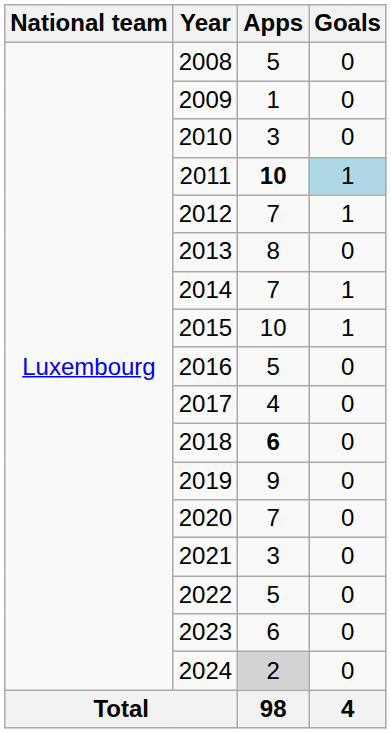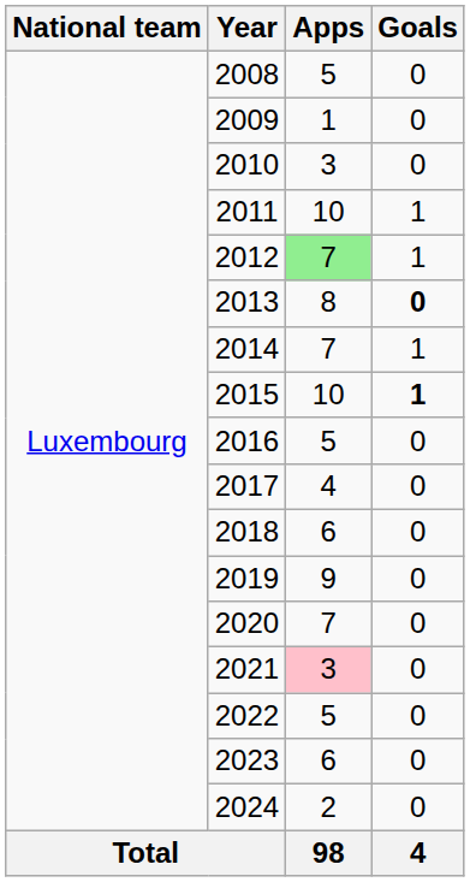 <table class="wikitable" style="text-align:center">
 <tr>
 <th>National team</th>
 <th>Year</th>
 <th>Apps</th>
 <th>Goals</th>
 </tr>
 <tr>
 <td rowspan="17"><a href='#'>Luxembourg</a></td>
 <td>2008</td>
 <td>5</td>
 <td>0</td>
 </tr>
 <tr>
 <td>2009</td>
 <td>1</td>
 <td>0</td>
 </tr>
 <tr>
 <td>2010</td>
 <td>3</td>
 <td>0</td>
 </tr>
 <tr>
 <td>2011</td>
-<td><strong>10</strong></td>
-<td style="background: lightblue;">1</td>
+<td>10</td>
+<td>1</td>
 </tr>
 <tr>
 <td>2012</td>
-<td>7</td>
+<td style="background: lightgreen;">7</td>
 <td>1</td>
 </tr>
 <tr>
 <td>2013</td>
 <td>8</td>
-<td>0</td>
+<td><strong>0</strong></td>
 </tr>
 <tr>
 <td>2014</td>
 <td>7</td>
 <td>1</td>
 </tr>
 <tr>
 <td>2015</td>
 <td>10</td>
-<td>1</td>
+<td><strong>1</strong></td>
 </tr>
 <tr>
 <td>2016</td>
 <td>5</td>
 <td>0</td>
 </tr>
 <tr>
 <td>2017</td>
 <td>4</td>
 <td>0</td>
 </tr>
 <tr>
 <td>2018</td>
-<td><strong>6</strong></td>
+<td>6</td>
 <td>0</td>
 </tr>
 <tr>
 <td>2019</td>
 <td>9</td>
 <td>0</td>
 </tr>
 <tr>
 <td>2020</td>
 <td>7</td>
 <td>0</td>
 </tr>
 <tr>
 <td>2021</td>
-<td>3</td>
+<td style="background: pink;">3</td>
 <td>0</td>
 </tr>
 <tr>
 <td>2022</td>
 <td>5</td>
 <td>0</td>
 </tr>
 <tr>
 <td>2023</td>
 <td>6</td>
 <td>0</td>
 </tr>
 <tr>
 <td>2024</td>
-<td style="background: lightgrey;">2</td>
+<td>2</td>
 <td>0</td>
 </tr>
 <tr>
 <th colspan="2">Total</th>
 <th>98</th>
 <th>4</th>
 </tr>
 </table>
